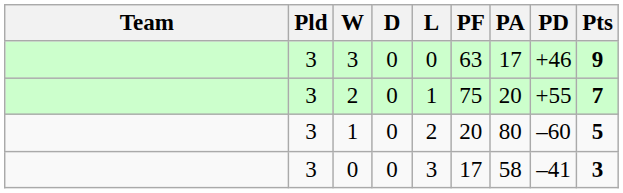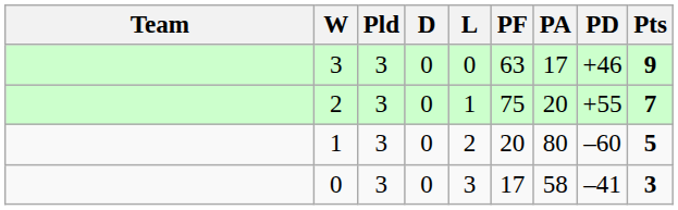 <table class="wikitable" style="text-align:center;">
 <tr>
 <th width=190>Team</th>
+<th width=20 abbr="Won">W</th>
 <th width=20 abbr="Played">Pld</th>
-<th width=20 abbr="Won">W</th>
 <th width=20 abbr="Drawn">D</th>
 <th width=20 abbr="Lost">L</th>
 <th width=20 abbr="Points for">PF</th>
 <th width=20 abbr="Points against">PA</th>
 <th width=25 abbr="Points difference">PD</th>
 <th width=20 abbr="Points">Pts</th>
 </tr>
 <tr style="background:#ccffcc">
 <td align=left></td>
 <td>3</td>
 <td>3</td>
 <td>0</td>
 <td>0</td>
 <td>63</td>
 <td>17</td>
 <td>+46</td>
 <td><strong>9</strong></td>
 </tr>
 <tr style="background:#ccffcc">
 <td align=left></td>
+<td>2</td>
 <td>3</td>
-<td>2</td>
 <td>0</td>
 <td>1</td>
 <td>75</td>
 <td>20</td>
 <td>+55</td>
 <td><strong>7</strong></td>
 </tr>
 <tr>
 <td align=left></td>
+<td>1</td>
 <td>3</td>
-<td>1</td>
 <td>0</td>
 <td>2</td>
 <td>20</td>
 <td>80</td>
 <td>–60</td>
 <td><strong>5</strong></td>
 </tr>
 <tr>
 <td align=left></td>
+<td>0</td>
 <td>3</td>
-<td>0</td>
 <td>0</td>
 <td>3</td>
 <td>17</td>
 <td>58</td>
 <td>–41</td>
 <td><strong>3</strong></td>
 </tr>
 </table>
